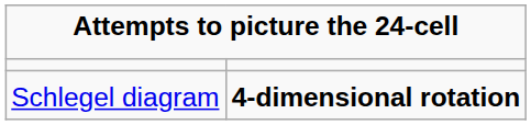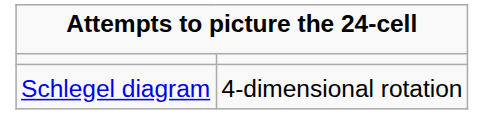 <table class="wikitable" style="margin:1em auto 1em auto; text-align:center;">
 <tr>
 <td colspan="3" style="text-align:center; padding-bottom:.6em;"><strong>Attempts to picture the 24-cell</strong></td>
 </tr>
 <tr>
 <td style="padding-right:20px;"></td>
 <td style="padding-left:20px;"></td>
 </tr>
 <tr style="text-align:center;">
 <td style="padding-top:.4em;"><a href='#'>Schlegel diagram</a></td>
-<td style="padding-top:.4em;"><strong>4-dimensional rotation</strong></td>
+<td style="padding-top:.4em;">4-dimensional rotation</td>
 </tr>
 </table>
